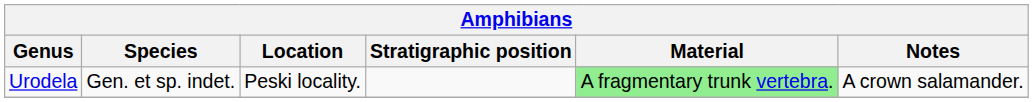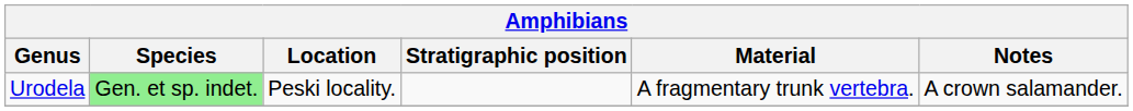 <table class="wikitable">
 <tr>
 <th colspan="7" align="center"><strong><a href='#'>Amphibians</a></strong></th>
 </tr>
 <tr>
 <th>Genus</th>
 <th>Species</th>
 <th>Location</th>
 <th>Stratigraphic position</th>
 <th>Material</th>
 <th>Notes</th>
 </tr>
 <tr>
 <td><a href='#'>Urodela</a></td>
-<td>Gen. et sp. indet.</td>
+<td style="background: lightgreen;">Gen. et sp. indet.</td>
 <td>Peski locality.</td>
 <td></td>
-<td style="background: lightgreen;">A fragmentary trunk <a href='#'>vertebra</a>.</td>
+<td>A fragmentary trunk <a href='#'>vertebra</a>.</td>
 <td>A crown salamander.</td>
 </tr>
 <tr>
 </tr>
 </table>
